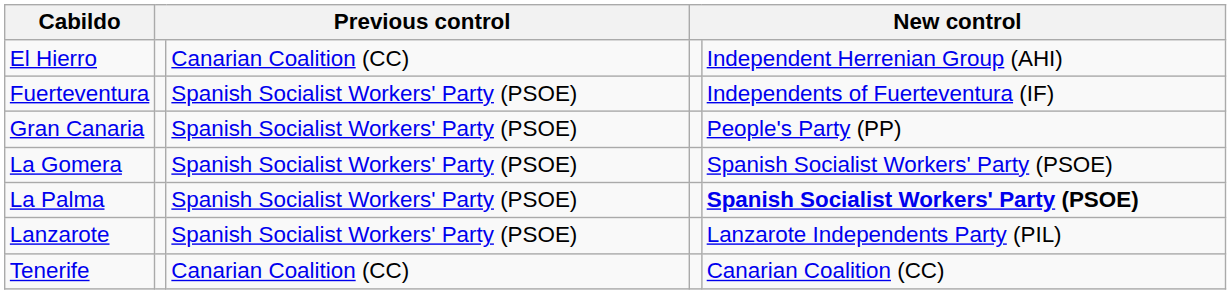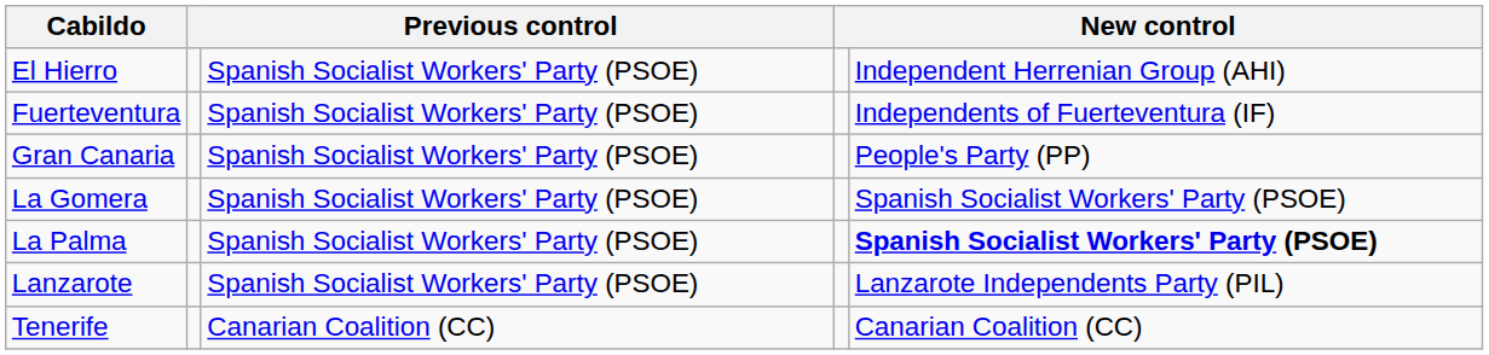 <table class="wikitable sortable">
 <tr>
 <th>Cabildo</th>
 <th colspan="2" style="width:375px;">Previous control</th>
 <th colspan="2" style="width:375px;">New control</th>
 </tr>
 <tr>
 <td><a href='#'>El Hierro</a></td>
 <td width="1" style="color:inherit;background:"></td>
-<td><a href='#'>Canarian Coalition</a> (CC)</td>
+<td><a href='#'>Spanish Socialist Workers' Party</a> (PSOE)</td>
 <td width="1" style="color:inherit;background:"></td>
 <td><a href='#'>Independent Herrenian Group</a> (AHI)</td>
 </tr>
 <tr>
 <td><a href='#'>Fuerteventura</a></td>
 <td style="color:inherit;background:"></td>
 <td><a href='#'>Spanish Socialist Workers' Party</a> (PSOE)</td>
 <td style="color:inherit;background:"></td>
 <td><a href='#'>Independents of Fuerteventura</a> (IF)</td>
 </tr>
 <tr>
 <td><a href='#'>Gran Canaria</a></td>
 <td style="color:inherit;background:"></td>
 <td><a href='#'>Spanish Socialist Workers' Party</a> (PSOE)</td>
 <td style="color:inherit;background:"></td>
 <td><a href='#'>People's Party</a> (PP)</td>
 </tr>
 <tr>
 <td><a href='#'>La Gomera</a></td>
 <td style="color:inherit;background:"></td>
 <td><a href='#'>Spanish Socialist Workers' Party</a> (PSOE)</td>
 <td style="color:inherit;background:"></td>
 <td><a href='#'>Spanish Socialist Workers' Party</a> (PSOE)</td>
 </tr>
 <tr>
 <td><a href='#'>La Palma</a></td>
 <td style="color:inherit;background:"></td>
 <td><a href='#'>Spanish Socialist Workers' Party</a> (PSOE)</td>
 <td style="color:inherit;background:"></td>
 <td><strong><a href='#'>Spanish Socialist Workers' Party</a> (PSOE) </strong></td>
 </tr>
 <tr>
 <td><a href='#'>Lanzarote</a></td>
 <td style="color:inherit;background:"></td>
 <td><a href='#'>Spanish Socialist Workers' Party</a> (PSOE)</td>
 <td style="color:inherit;background:"></td>
 <td><a href='#'>Lanzarote Independents Party</a> (PIL) </td>
 </tr>
 <tr>
 <td><a href='#'>Tenerife</a></td>
 <td style="color:inherit;background:"></td>
 <td><a href='#'>Canarian Coalition</a> (CC)</td>
 <td style="color:inherit;background:"></td>
 <td><a href='#'>Canarian Coalition</a> (CC)</td>
 </tr>
 </table>
